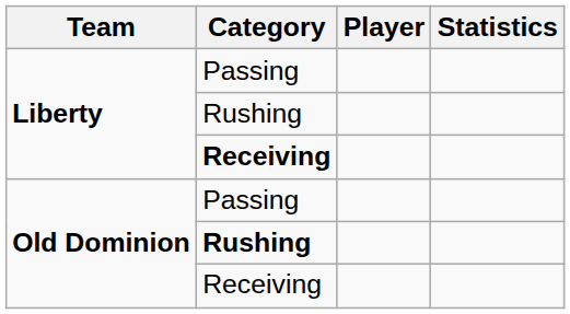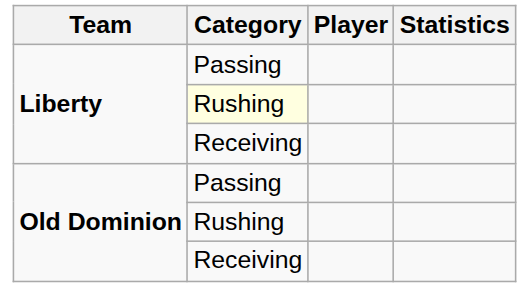 <table class="wikitable" style="float: right;">
 <tr>
 <th>Team</th>
 <th>Category</th>
 <th>Player</th>
 <th>Statistics</th>
 </tr>
 <tr>
 <td rowspan=3><strong>Liberty</strong></td>
 <td>Passing</td>
 <td></td>
 <td></td>
 </tr>
 <tr>
-<td>Rushing</td>
+<td style="background: lightyellow;">Rushing</td>
 <td></td>
 <td></td>
 </tr>
 <tr>
-<td><strong>Receiving</strong></td>
+<td>Receiving</td>
 <td></td>
 <td></td>
 </tr>
 <tr>
 <td rowspan=3><strong>Old Dominion</strong></td>
 <td>Passing</td>
 <td></td>
 <td></td>
 </tr>
 <tr>
-<td><strong>Rushing</strong></td>
+<td>Rushing</td>
 <td></td>
 <td></td>
 </tr>
 <tr>
 <td>Receiving</td>
 <td></td>
 <td></td>
 </tr>
 </table>
